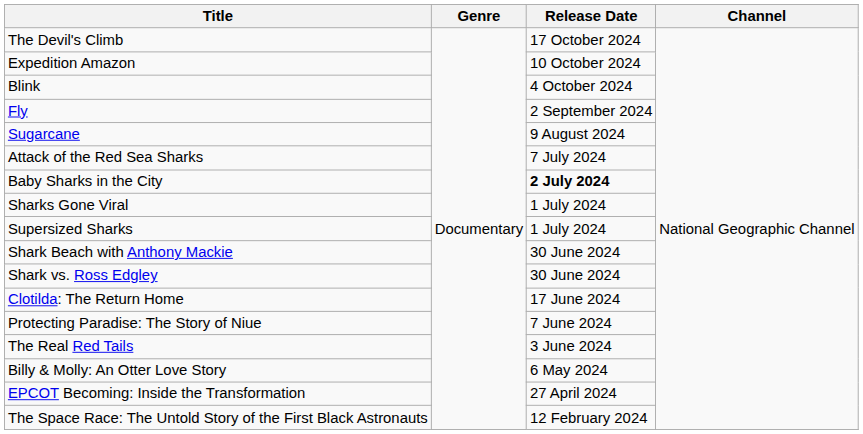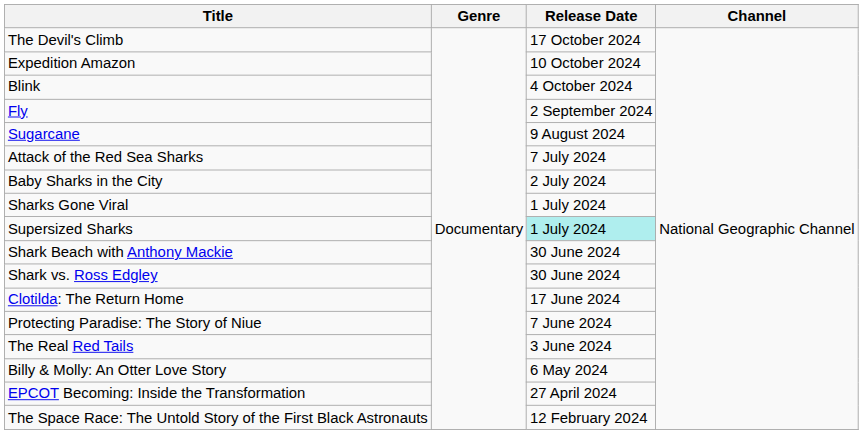 <table class="wikitable sortable">
 <tr>
 <th>Title</th>
 <th>Genre</th>
 <th>Release Date</th>
 <th>Channel</th>
 </tr>
 <tr>
 <td>The Devil's Climb</td>
 <td rowspan="17">Documentary</td>
 <td>17 October 2024</td>
 <td rowspan="17">National Geographic Channel</td>
 </tr>
 <tr>
 <td>Expedition Amazon</td>
 <td>10 October 2024</td>
 </tr>
 <tr>
 <td>Blink</td>
 <td>4 October 2024</td>
 </tr>
 <tr>
 <td><a href='#'>Fly</a></td>
 <td>2 September 2024</td>
 </tr>
 <tr>
 <td><a href='#'>Sugarcane</a></td>
 <td>9 August 2024</td>
 </tr>
 <tr>
 <td>Attack of the Red Sea Sharks</td>
 <td>7 July 2024</td>
 </tr>
 <tr>
 <td>Baby Sharks in the City</td>
-<td><strong>2 July 2024</strong></td>
+<td>2 July 2024</td>
 </tr>
 <tr>
 <td>Sharks Gone Viral</td>
 <td>1 July 2024</td>
 </tr>
 <tr>
 <td>Supersized Sharks</td>
-<td>1 July 2024</td>
+<td style="background: paleturquoise;">1 July 2024</td>
 </tr>
 <tr>
 <td>Shark Beach with <a href='#'>Anthony Mackie</a></td>
 <td>30 June 2024</td>
 </tr>
 <tr>
 <td>Shark vs. <a href='#'>Ross Edgley</a></td>
 <td>30 June 2024</td>
 </tr>
 <tr>
 <td><a href='#'>Clotilda</a>: The Return Home</td>
 <td>17 June 2024</td>
 </tr>
 <tr>
 <td>Protecting Paradise: The Story of Niue</td>
 <td>7 June 2024</td>
 </tr>
 <tr>
 <td>The Real <a href='#'>Red Tails</a></td>
 <td>3 June 2024</td>
 </tr>
 <tr>
 <td>Billy & Molly: An Otter Love Story</td>
 <td>6 May 2024</td>
 </tr>
 <tr>
 <td><a href='#'>EPCOT</a> Becoming: Inside the Transformation</td>
 <td>27 April 2024</td>
 </tr>
 <tr>
 <td>The Space Race: The Untold Story of the First Black Astronauts</td>
 <td>12 February 2024</td>
 </tr>
 </table>
